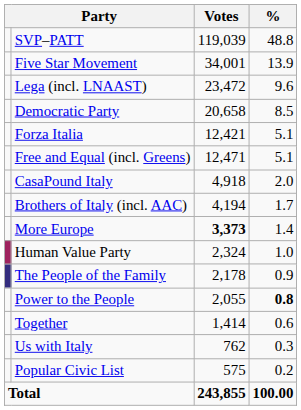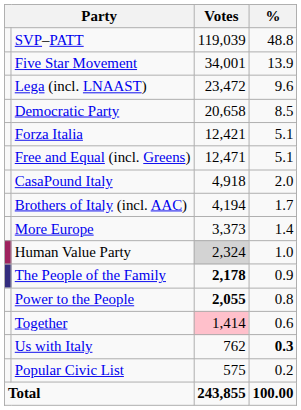 <table class="wikitable" style="text-align:right">
 <tr>
 <th colspan=2>Party</th>
 <th>Votes</th>
 <th>%</th>
 </tr>
 <tr>
 <td></td>
 <td style="text-align:left;"><a href='#'>SVP</a>–<a href='#'>PATT</a></td>
 <td style="text-align:right;">119,039</td>
 <td style="text-align:right;">48.8</td>
 </tr>
 <tr>
 <td></td>
 <td style="text-align:left;"><a href='#'>Five Star Movement</a></td>
 <td style="text-align:right;">34,001</td>
 <td style="text-align:right;">13.9</td>
 </tr>
 <tr>
 <td></td>
 <td style="text-align:left;"><a href='#'>Lega</a> (incl. <a href='#'>LNAAST</a>)</td>
 <td style="text-align:right;">23,472</td>
 <td style="text-align:right;">9.6</td>
 </tr>
 <tr>
 <td></td>
 <td style="text-align:left;"><a href='#'>Democratic Party</a></td>
 <td style="text-align:right;">20,658</td>
 <td style="text-align:right;">8.5</td>
 </tr>
 <tr>
 <td></td>
 <td style="text-align:left;"><a href='#'>Forza Italia</a></td>
 <td style="text-align:right;">12,421</td>
 <td style="text-align:right;">5.1</td>
 </tr>
 <tr>
 <td></td>
 <td style="text-align:left;"><a href='#'>Free and Equal</a> (incl. <a href='#'>Greens</a>)</td>
 <td style="text-align:right;">12,471</td>
 <td style="text-align:right;">5.1</td>
 </tr>
 <tr>
 <td></td>
 <td style="text-align:left;"><a href='#'>CasaPound Italy</a></td>
 <td style="text-align:right;">4,918</td>
 <td style="text-align:right;">2.0</td>
 </tr>
 <tr>
 <td></td>
 <td style="text-align:left;"><a href='#'>Brothers of Italy</a> (incl. <a href='#'>AAC</a>)</td>
 <td style="text-align:right;">4,194</td>
 <td style="text-align:right;">1.7</td>
 </tr>
 <tr>
 <td></td>
 <td style="text-align:left;"><a href='#'>More Europe</a></td>
-<td style="text-align:right;"><strong>3,373</strong></td>
+<td style="text-align:right;">3,373</td>
 <td style="text-align:right;">1.4</td>
 </tr>
 <tr>
 <td style="background:#9F235F;"></td>
 <td style="text-align:left;">Human Value Party</td>
-<td style="text-align:right;">2,324</td>
+<td style="background: lightgrey; text-align:right;">2,324</td>
 <td style="text-align:right;">1.0</td>
 </tr>
 <tr>
 <td style="background:#342d7e;"></td>
 <td style="text-align:left;"><a href='#'>The People of the Family</a></td>
-<td style="text-align:right;">2,178</td>
+<td style="text-align:right;"><strong>2,178</strong></td>
 <td style="text-align:right;">0.9</td>
 </tr>
 <tr>
 <td></td>
 <td style="text-align:left;"><a href='#'>Power to the People</a></td>
-<td style="text-align:right;">2,055</td>
-<td style="text-align:right;"><strong>0.8</strong></td>
+<td style="text-align:right;"><strong>2,055</strong></td>
+<td style="text-align:right;">0.8</td>
 </tr>
 <tr>
 <td></td>
 <td style="text-align:left;"><a href='#'>Together</a></td>
-<td style="text-align:right;">1,414</td>
+<td style="background: pink; text-align:right;">1,414</td>
 <td style="text-align:right;">0.6</td>
 </tr>
 <tr>
 <td></td>
 <td style="text-align:left;"><a href='#'>Us with Italy</a></td>
 <td style="text-align:right;">762</td>
-<td style="text-align:right;">0.3</td>
+<td style="text-align:right;"><strong>0.3</strong></td>
 </tr>
 <tr>
 <td></td>
 <td style="text-align:left;"><a href='#'>Popular Civic List</a></td>
 <td style="text-align:right;">575</td>
 <td style="text-align:right;">0.2</td>
 </tr>
 <tr>
 <td style="text-align:left;" colspan="2"><strong>Total</strong></td>
 <td style="text-align:right;"><strong>243,855</strong></td>
 <td style="text-align:right;"><strong>100.00</strong></td>
 </tr>
 </table>
